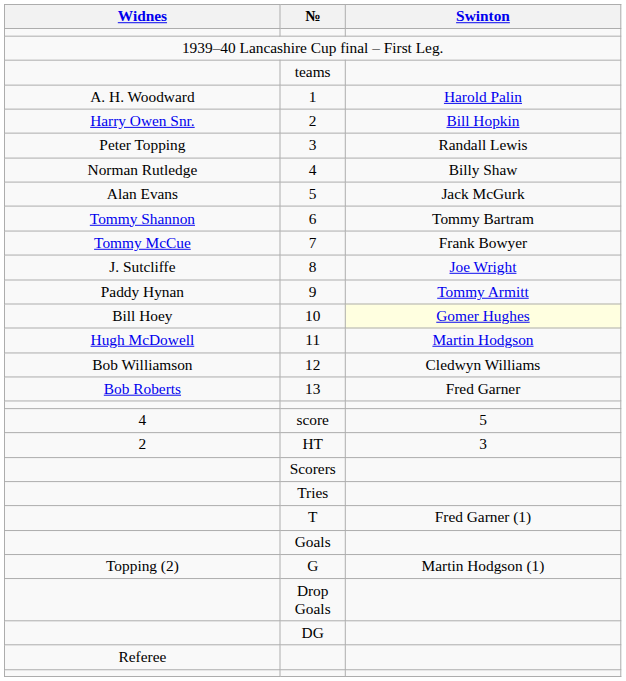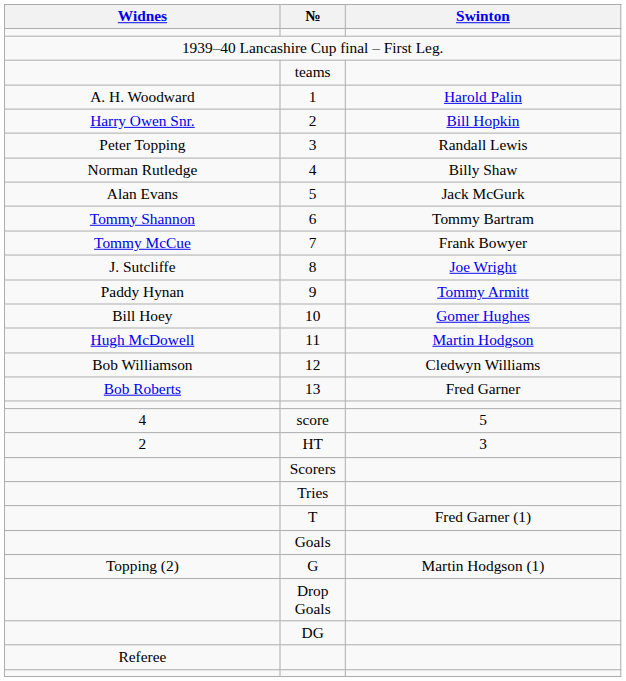 <table class="wikitable" style="text-align:center;">
 <tr>
 <th width=280 abbr="Swinton"><a href='#'>Widnes</a></th>
 <th width=60 abbr="Number">№</th>
 <th width=280 abbr="Widnes"><a href='#'>Swinton</a></th>
 </tr>
 <tr>
 <td></td>
 <td></td>
 <td></td>
 </tr>
 <tr>
 <td colspan=13 abbr="Comment">1939–40 Lancashire Cup final – First Leg.</td>
 </tr>
 <tr>
 <td></td>
 <td>teams</td>
 <td></td>
 </tr>
 <tr>
 <td>A. H. Woodward </td>
 <td>1</td>
 <td><a href='#'>Harold Palin</a></td>
 </tr>
 <tr>
 <td><a href='#'>Harry Owen Snr.</a></td>
 <td>2</td>
 <td><a href='#'>Bill Hopkin</a></td>
 </tr>
 <tr>
 <td>Peter Topping </td>
 <td>3</td>
 <td>Randall Lewis</td>
 </tr>
 <tr>
 <td>Norman Rutledge </td>
 <td>4</td>
 <td>Billy Shaw</td>
 </tr>
 <tr>
 <td>Alan Evans </td>
 <td>5</td>
 <td>Jack McGurk</td>
 </tr>
 <tr>
 <td><a href='#'>Tommy Shannon</a></td>
 <td>6</td>
 <td>Tommy Bartram</td>
 </tr>
 <tr>
 <td><a href='#'>Tommy McCue</a></td>
 <td>7</td>
 <td>Frank Bowyer</td>
 </tr>
 <tr>
 <td>J. Sutcliffe </td>
 <td>8</td>
 <td><a href='#'>Joe Wright</a></td>
 </tr>
 <tr>
 <td>Paddy Hynan </td>
 <td>9</td>
 <td><a href='#'>Tommy Armitt</a></td>
 </tr>
 <tr>
 <td>Bill Hoey </td>
 <td>10</td>
-<td style="background: lightyellow;"><a href='#'>Gomer Hughes</a></td>
+<td><a href='#'>Gomer Hughes</a></td>
 </tr>
 <tr>
 <td><a href='#'>Hugh McDowell</a></td>
 <td>11</td>
 <td><a href='#'>Martin Hodgson</a></td>
 </tr>
 <tr>
 <td>Bob Williamson </td>
 <td>12</td>
 <td>Cledwyn Williams</td>
 </tr>
 <tr>
 <td><a href='#'>Bob Roberts</a></td>
 <td>13</td>
 <td>Fred Garner</td>
 </tr>
 <tr>
 <td></td>
 <td></td>
 <td></td>
 </tr>
 <tr>
 <td>4</td>
 <td>score</td>
 <td>5</td>
 </tr>
 <tr>
 <td>2</td>
 <td>HT</td>
 <td>3</td>
 </tr>
 <tr>
 <td></td>
 <td>Scorers</td>
 <td></td>
 </tr>
 <tr>
 <td></td>
 <td>Tries</td>
 <td></td>
 </tr>
 <tr>
 <td></td>
 <td>T</td>
 <td>Fred Garner (1)</td>
 </tr>
 <tr>
 <td></td>
 <td>Goals</td>
 <td></td>
 </tr>
 <tr>
 <td>Topping (2)</td>
 <td>G</td>
 <td>Martin Hodgson (1)</td>
 </tr>
 <tr>
 <td></td>
 <td>Drop Goals</td>
 <td></td>
 </tr>
 <tr>
 <td></td>
 <td>DG</td>
 <td></td>
 </tr>
 <tr>
 <td>Referee</td>
 <td></td>
 <td></td>
 </tr>
 <tr>
 <td></td>
 <td></td>
 <td></td>
 </tr>
 </table>
